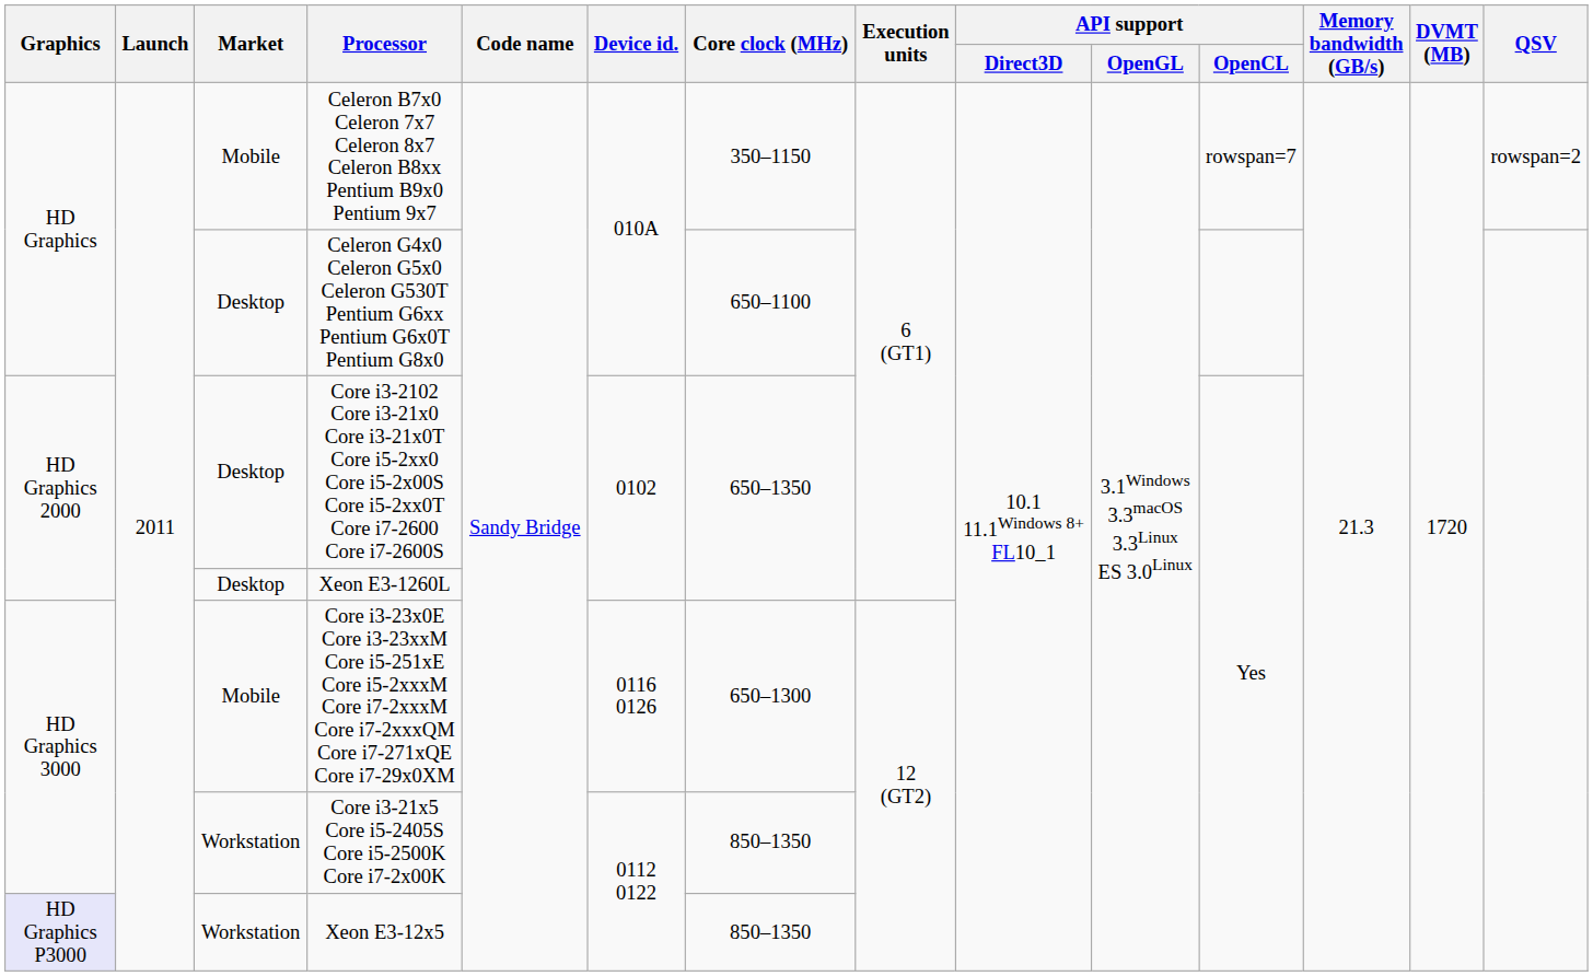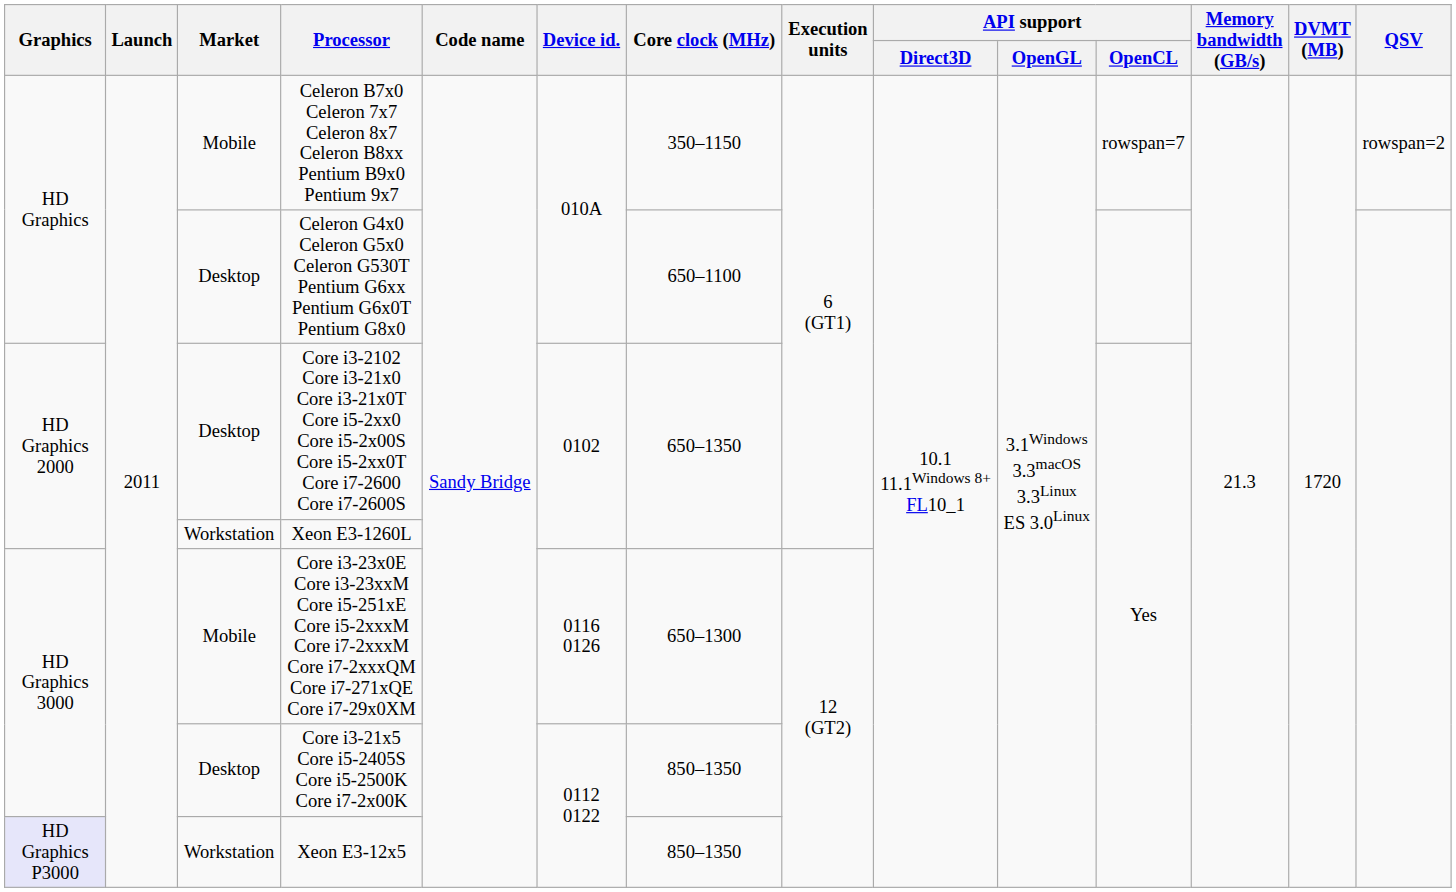 <table class="wikitable sortable mw-datatable sticky-header-multi sort-under" style="text-align:center;">
 <tr>
 <th rowspan=2 style="width:7%">Graphics</th>
 <th rowspan=2>Launch</th>
 <th rowspan=2>Market</th>
 <th rowspan=2><a href='#'>Processor</a></th>
 <th rowspan=2>Code name</th>
 <th rowspan=2><a href='#'>Device id.</a></th>
 <th rowspan=2>Core <a href='#'>clock</a> (<a href='#'>MHz</a>)</th>
 <th rowspan=2>Execution <br>units</th>
 <th colspan=3><a href='#'>API</a> support</th>
 <th rowspan=2><a href='#'>Memory <br> bandwidth</a><br>(<a href='#'>GB/s</a>)</th>
 <th rowspan=2><a href='#'>DVMT</a> <br>(<a href='#'>MB</a>)</th>
 <th rowspan=2><a href='#'>QSV</a></th>
 </tr>
 <tr>
 <th><a href='#'>Direct3D</a></th>
 <th><a href='#'>OpenGL</a></th>
 <th><a href='#'>OpenCL</a></th>
 </tr>
 <tr>
 <td rowspan=2>HD Graphics</td>
 <td rowspan=7>2011</td>
 <td>Mobile</td>
 <td>Celeron B7x0<br>Celeron 7x7<br>Celeron 8x7<br>Celeron B8xx<br>Pentium B9x0<br>Pentium 9x7</td>
 <td rowspan=7><a href='#'>Sandy Bridge</a></td>
 <td rowspan=2>010A</td>
 <td>350–1150</td>
 <td rowspan=4>6<br>(GT1)</td>
 <td rowspan=7>10.1 <br> 11.1<sup>Windows 8+</sup> <br> <a href='#'>FL</a>10_1</td>
 <td rowspan=7>3.1<sup>Windows</sup> <br> 3.3<sup>macOS</sup> <br> 3.3<sup>Linux</sup> <br> ES 3.0<sup>Linux</sup></td>
 <td>rowspan=7 </td>
 <td rowspan=7>21.3</td>
 <td rowspan=7>1720</td>
 <td>rowspan=2 </td>
 </tr>
 <tr>
 <td>Desktop</td>
 <td>Celeron G4x0<br>Celeron G5x0<br>Celeron G530T<br>Pentium G6xx<br>Pentium G6x0T<br>Pentium G8x0</td>
 <td>650–1100</td>
 </tr>
 <tr>
 <td rowspan=2>HD Graphics 2000</td>
 <td>Desktop</td>
 <td>Core i3-2102<br>Core i3-21x0<br>Core i3-21x0T<br>Core i5-2xx0<br>Core i5-2x00S<br>Core i5-2xx0T<br>Core i7-2600<br>Core i7-2600S</td>
 <td rowspan=2>0102</td>
 <td rowspan=2>650–1350</td>
 <td rowspan=5>Yes</td>
 </tr>
 <tr>
-<td>Desktop</td>
+<td>Workstation</td>
 <td>Xeon E3-1260L</td>
 </tr>
 <tr>
 <td rowspan=2>HD Graphics 3000</td>
 <td>Mobile</td>
 <td>Core i3-23x0E<br>Core i3-23xxM<br>Core i5-251xE<br>Core i5-2xxxM<br>Core i7-2xxxM<br>Core i7-2xxxQM<br>Core i7-271xQE<br>Core i7-29x0XM</td>
 <td>0116<br>0126</td>
 <td>650–1300</td>
 <td rowspan=3>12<br>(GT2)</td>
 </tr>
 <tr>
-<td>Workstation</td>
+<td>Desktop</td>
 <td>Core i3-21x5<br>Core i5-2405S<br>Core i5-2500K<br>Core i7-2x00K</td>
 <td rowspan=3>0112<br>0122</td>
 <td>850–1350</td>
 </tr>
 <tr>
 <td style="background: lavender;">HD Graphics P3000</td>
 <td>Workstation</td>
 <td>Xeon E3-12x5</td>
 <td>850–1350</td>
 </tr>
 </table>
